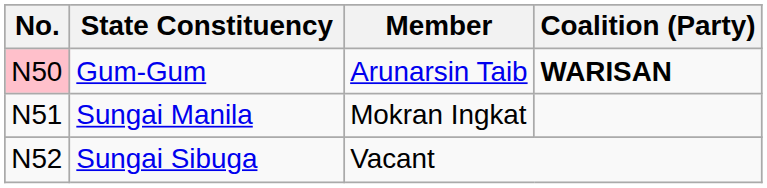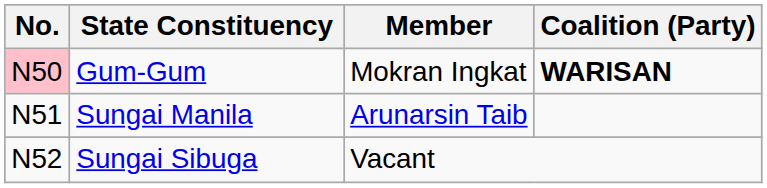 <table class="wikitable sortable">
 <tr>
 <th width="30">No.</th>
 <th width="150">State Constituency</th>
 <th>Member</th>
 <th>Coalition (Party)</th>
 </tr>
 <tr>
 <td style="background: pink;">N50</td>
 <td><a href='#'>Gum-Gum</a></td>
-<td><a href='#'>Arunarsin Taib</a></td>
+<td>Mokran Ingkat</td>
 <td><strong>WARISAN</strong></td>
 </tr>
 <tr>
 <td>N51</td>
 <td><a href='#'>Sungai Manila</a></td>
-<td>Mokran Ingkat</td>
+<td><a href='#'>Arunarsin Taib</a></td>
 <td></td>
 </tr>
 <tr>
 <td>N52</td>
 <td><a href='#'>Sungai Sibuga</a></td>
 <td colspan=2>Vacant</td>
 </tr>
 </table>
